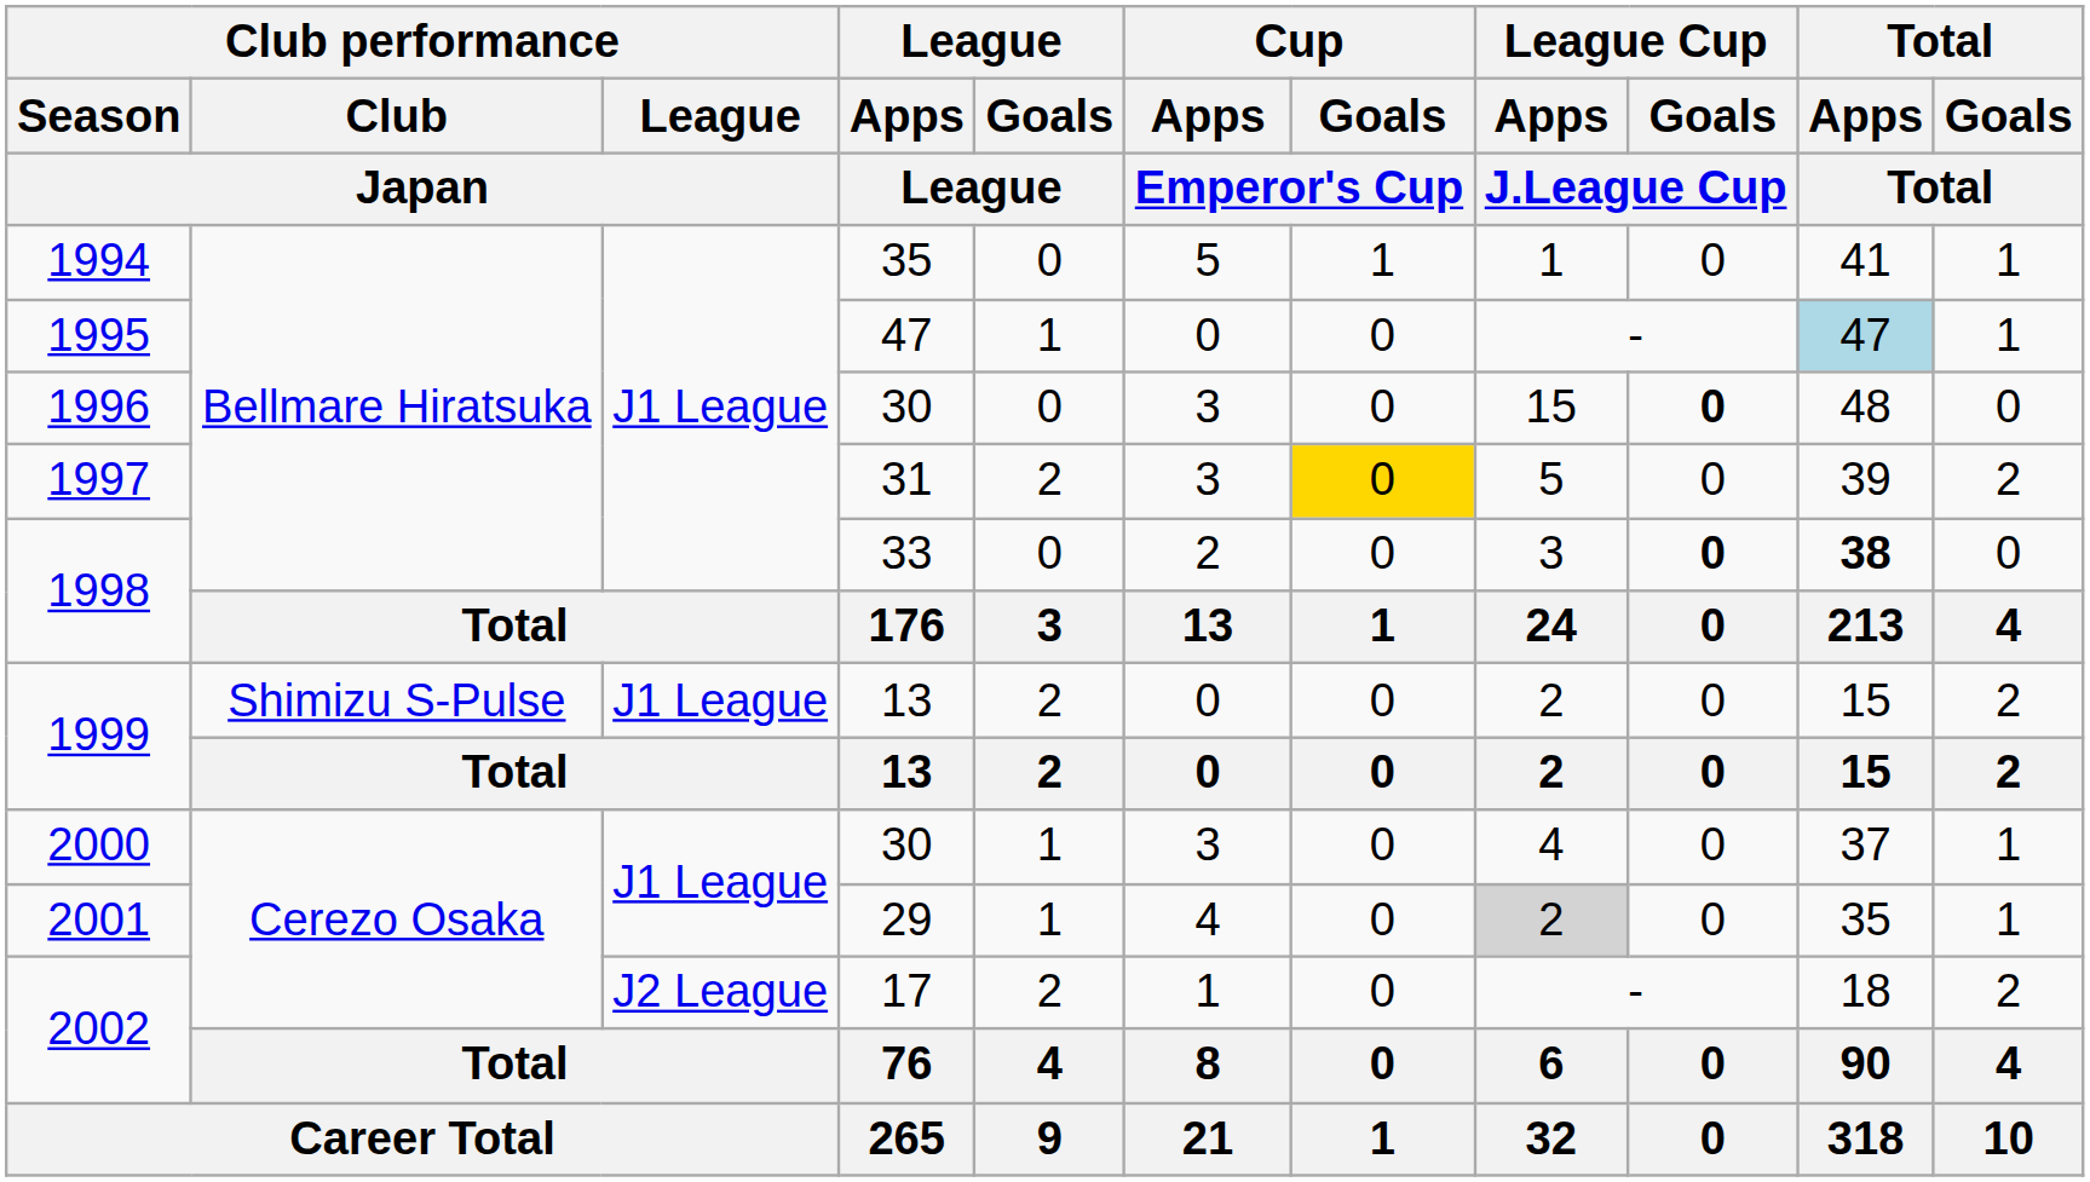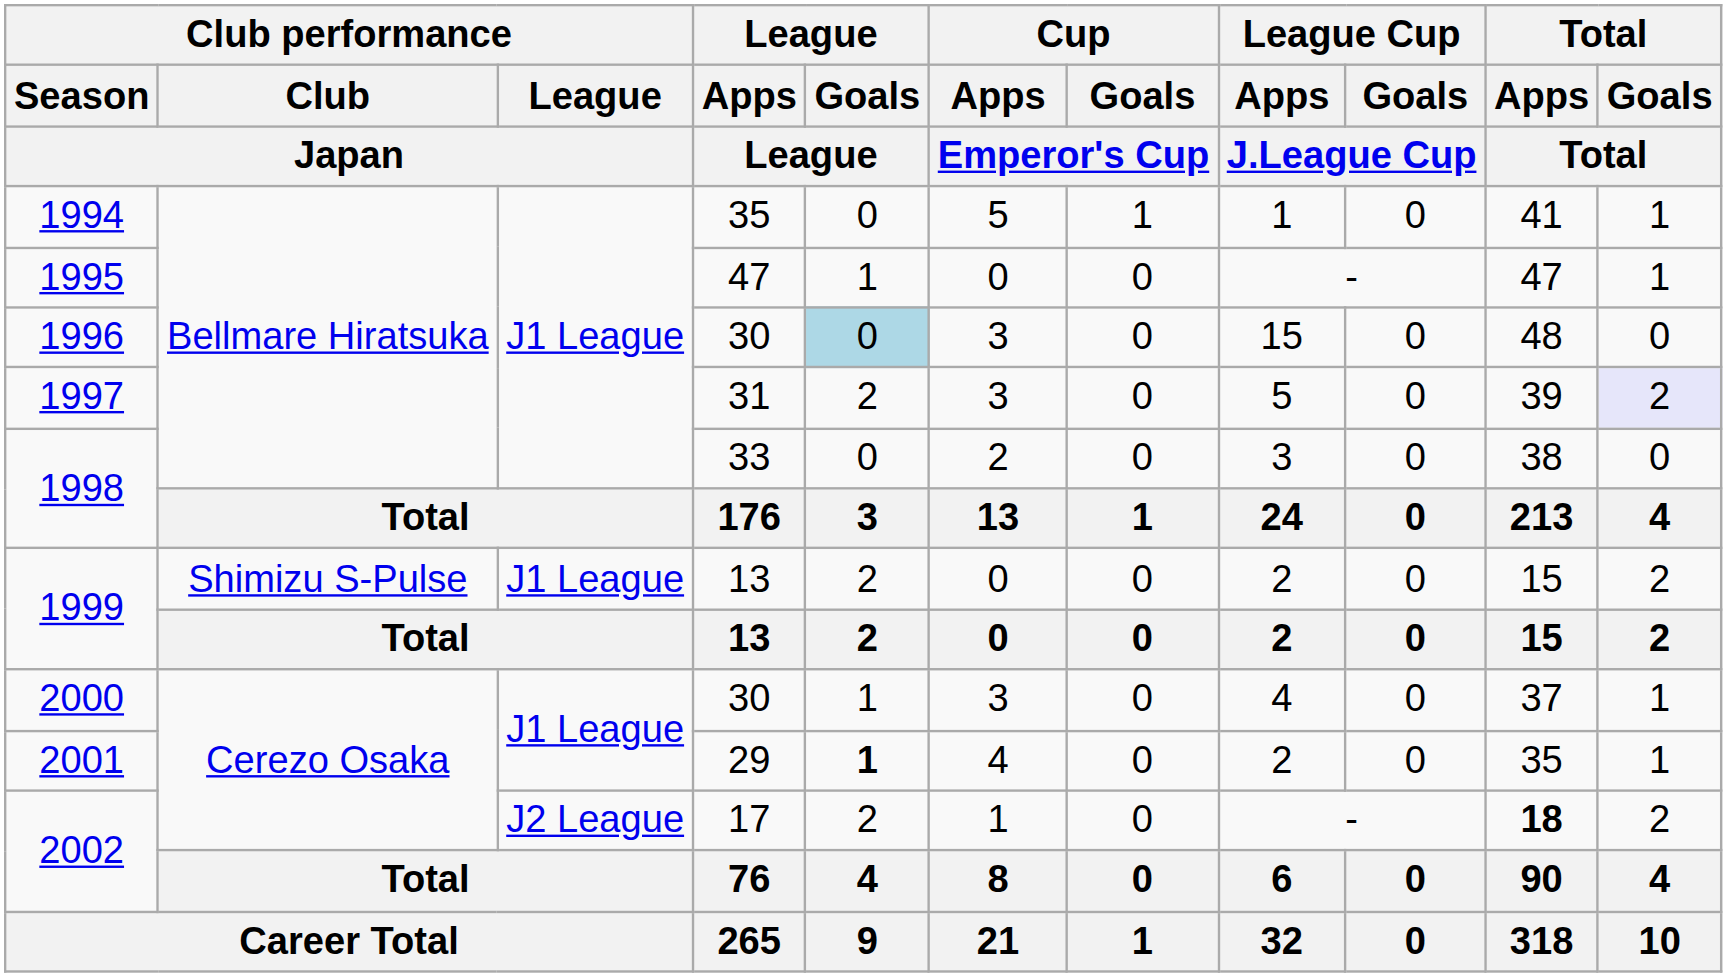 <table class="wikitable" style="text-align:center;">
 <tr>
 <th colspan=3>Club performance</th>
 <th colspan=2>League</th>
 <th colspan=2>Cup</th>
 <th colspan=2>League Cup</th>
 <th colspan=2>Total</th>
 </tr>
 <tr>
 <th>Season</th>
 <th>Club</th>
 <th>League</th>
 <th>Apps</th>
 <th>Goals</th>
 <th>Apps</th>
 <th>Goals</th>
 <th>Apps</th>
 <th>Goals</th>
 <th>Apps</th>
 <th>Goals</th>
 </tr>
 <tr>
 <th colspan=3>Japan</th>
 <th colspan=2>League</th>
 <th colspan=2><a href='#'>Emperor's Cup</a></th>
 <th colspan=2><a href='#'>J.League Cup</a></th>
 <th colspan=2>Total</th>
 </tr>
 <tr>
 <td><a href='#'>1994</a></td>
 <td rowspan="5"><a href='#'>Bellmare Hiratsuka</a></td>
 <td rowspan="5"><a href='#'>J1 League</a></td>
 <td>35</td>
 <td>0</td>
 <td>5</td>
 <td>1</td>
 <td>1</td>
 <td>0</td>
 <td>41</td>
 <td>1</td>
 </tr>
 <tr>
 <td><a href='#'>1995</a></td>
 <td>47</td>
 <td>1</td>
 <td>0</td>
 <td>0</td>
 <td colspan="2">-</td>
-<td style="background: lightblue;">47</td>
+<td>47</td>
 <td>1</td>
 </tr>
 <tr>
 <td><a href='#'>1996</a></td>
 <td>30</td>
-<td>0</td>
+<td style="background: lightblue;">0</td>
 <td>3</td>
 <td>0</td>
 <td>15</td>
-<td><strong>0</strong></td>
+<td>0</td>
 <td>48</td>
 <td>0</td>
 </tr>
 <tr>
 <td><a href='#'>1997</a></td>
 <td>31</td>
 <td>2</td>
 <td>3</td>
-<td style="background: gold;">0</td>
+<td>0</td>
 <td>5</td>
 <td>0</td>
 <td>39</td>
-<td>2</td>
+<td style="background: lavender;">2</td>
 </tr>
 <tr>
 <td rowspan=2><a href='#'>1998</a></td>
 <td>33</td>
 <td>0</td>
 <td>2</td>
 <td>0</td>
 <td>3</td>
-<td><strong>0</strong></td>
-<td><strong>38</strong></td>
+<td>0</td>
+<td>38</td>
 <td>0</td>
 </tr>
 <tr>
 <th colspan=2>Total</th>
 <th>176</th>
 <th>3</th>
 <th>13</th>
 <th>1</th>
 <th>24</th>
 <th>0</th>
 <th>213</th>
 <th>4</th>
 </tr>
 <tr>
 <td rowspan=2><a href='#'>1999</a></td>
 <td><a href='#'>Shimizu S-Pulse</a></td>
 <td><a href='#'>J1 League</a></td>
 <td>13</td>
 <td>2</td>
 <td>0</td>
 <td>0</td>
 <td>2</td>
 <td>0</td>
 <td>15</td>
 <td>2</td>
 </tr>
 <tr>
 <th colspan=2>Total</th>
 <th>13</th>
 <th>2</th>
 <th>0</th>
 <th>0</th>
 <th>2</th>
 <th>0</th>
 <th>15</th>
 <th>2</th>
 </tr>
 <tr>
 <td><a href='#'>2000</a></td>
 <td rowspan="3"><a href='#'>Cerezo Osaka</a></td>
 <td rowspan="2"><a href='#'>J1 League</a></td>
 <td>30</td>
 <td>1</td>
 <td>3</td>
 <td>0</td>
 <td>4</td>
 <td>0</td>
 <td>37</td>
 <td>1</td>
 </tr>
 <tr>
 <td><a href='#'>2001</a></td>
 <td>29</td>
-<td>1</td>
+<td><strong>1</strong></td>
 <td>4</td>
 <td>0</td>
-<td style="background: lightgrey;">2</td>
+<td>2</td>
 <td>0</td>
 <td>35</td>
 <td>1</td>
 </tr>
 <tr>
 <td rowspan=2><a href='#'>2002</a></td>
 <td><a href='#'>J2 League</a></td>
 <td>17</td>
 <td>2</td>
 <td>1</td>
 <td>0</td>
 <td colspan="2">-</td>
-<td>18</td>
+<td><strong>18</strong></td>
 <td>2</td>
 </tr>
 <tr>
 <th colspan=2>Total</th>
 <th>76</th>
 <th>4</th>
 <th>8</th>
 <th>0</th>
 <th>6</th>
 <th>0</th>
 <th>90</th>
 <th>4</th>
 </tr>
 <tr>
 <th colspan=3>Career Total</th>
 <th>265</th>
 <th>9</th>
 <th>21</th>
 <th>1</th>
 <th>32</th>
 <th>0</th>
 <th>318</th>
 <th>10</th>
 </tr>
 </table>
